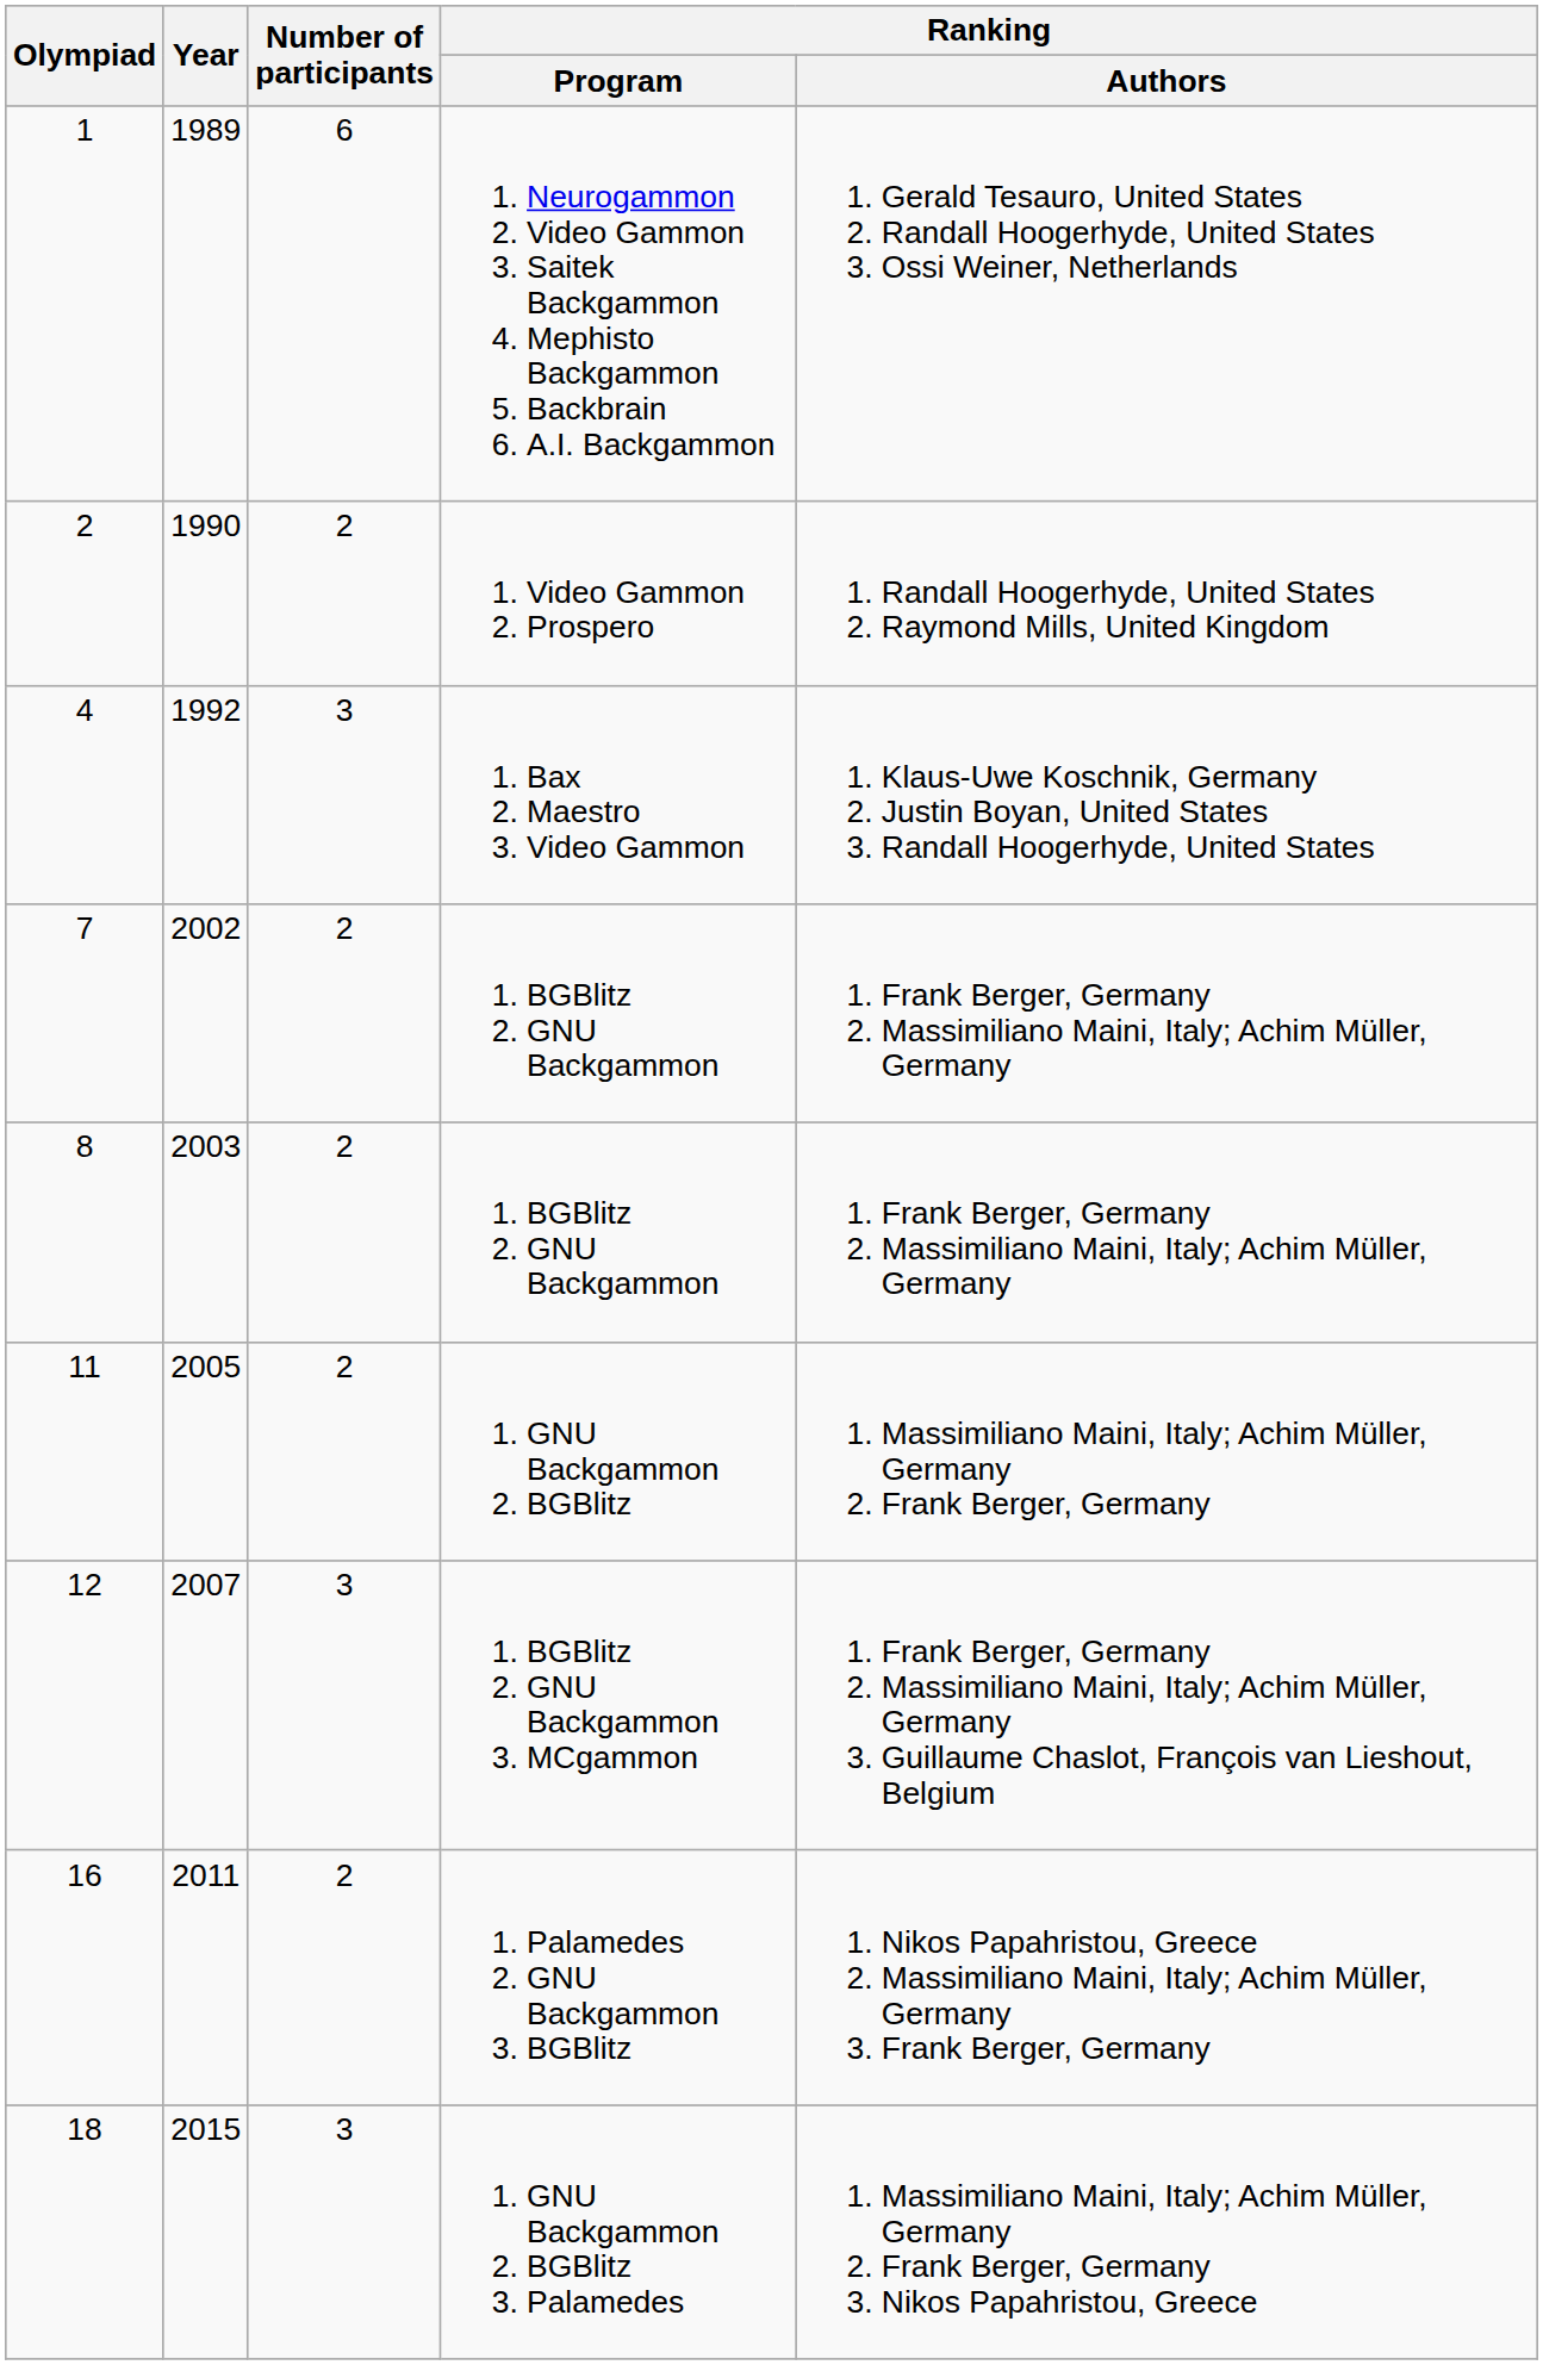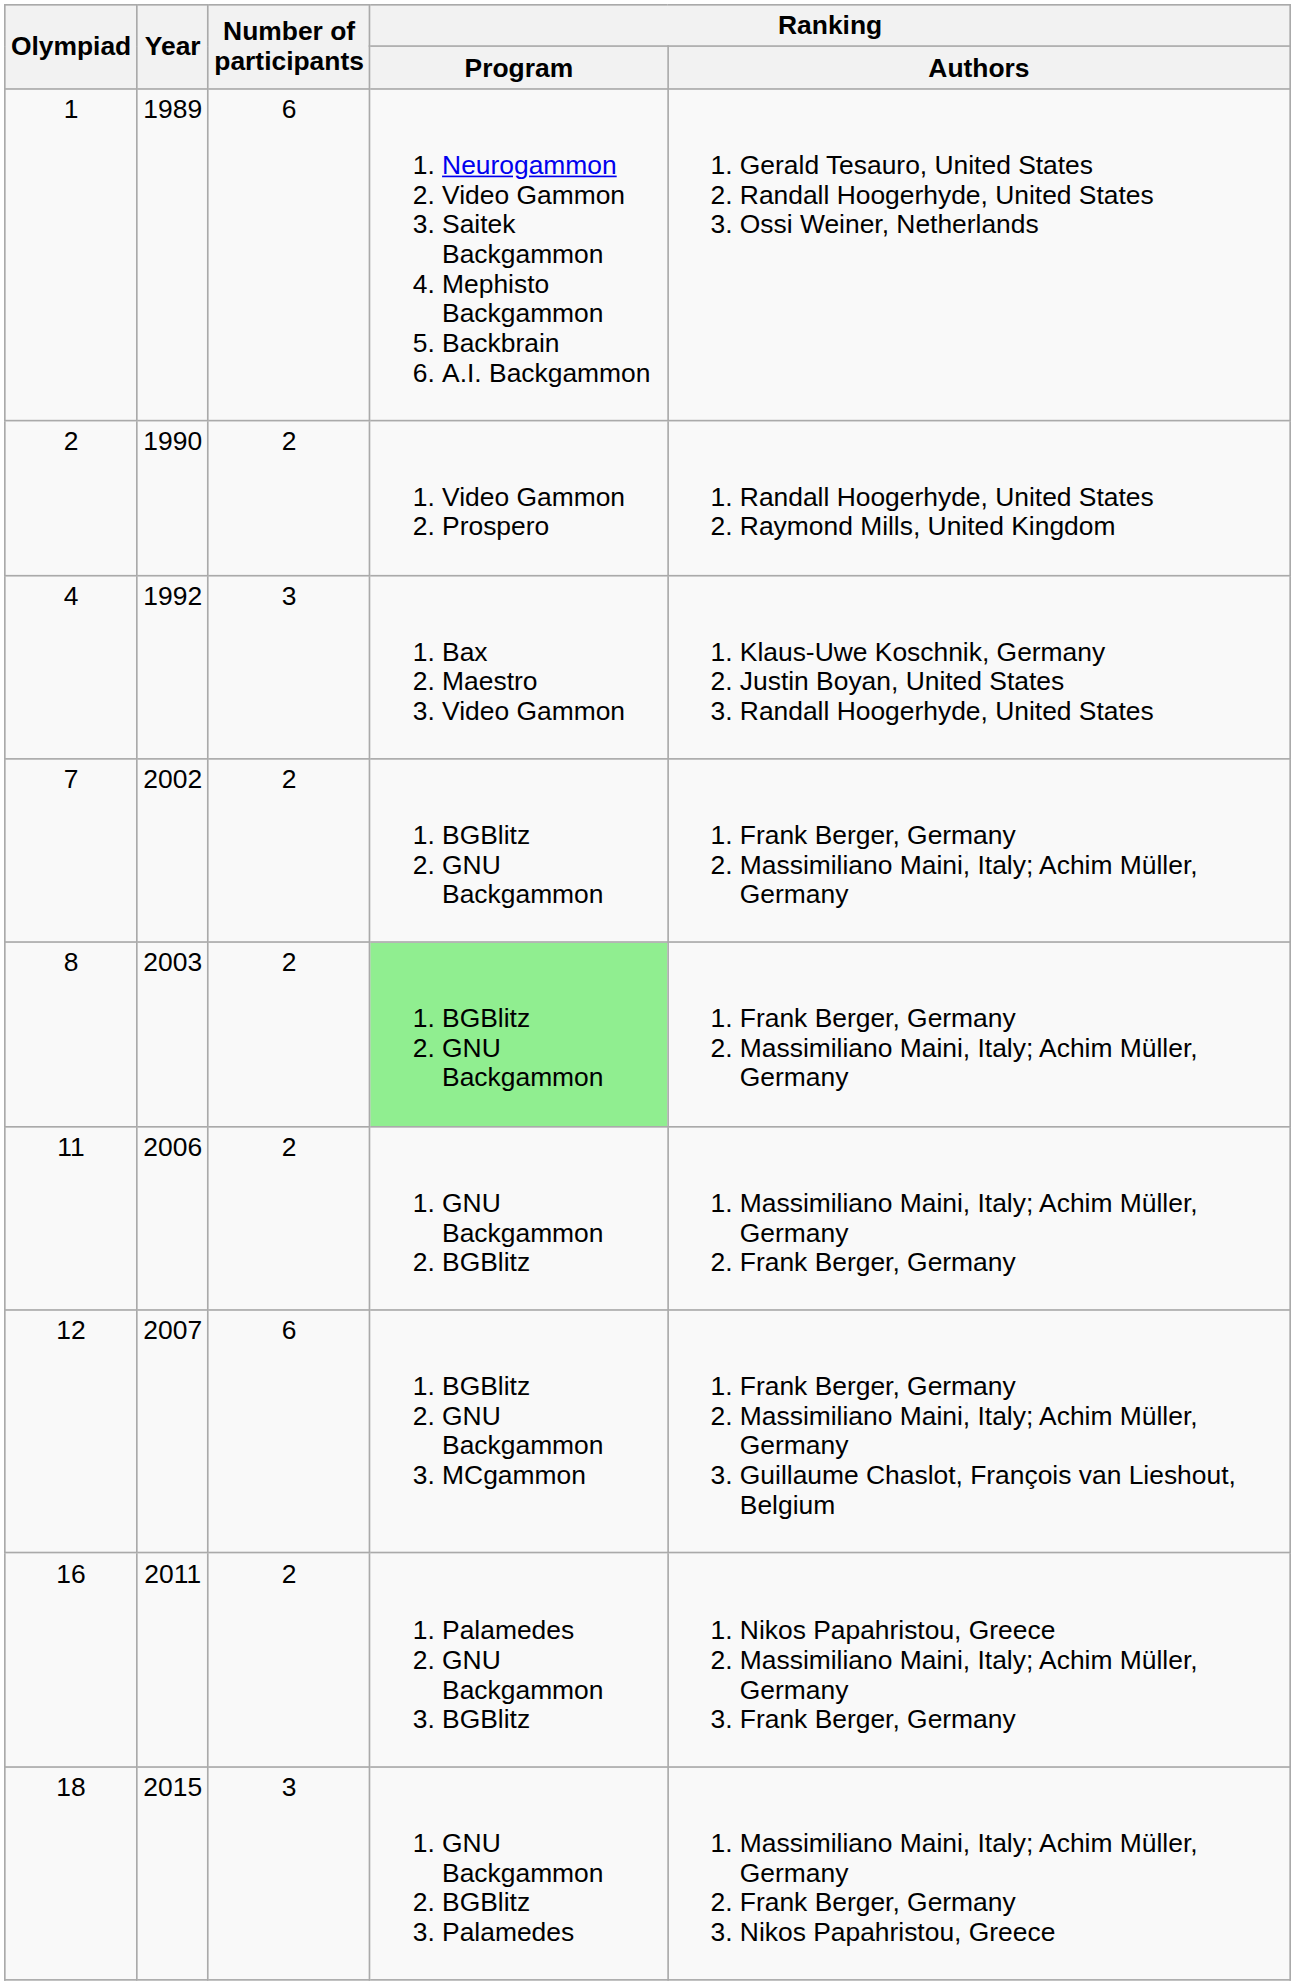 <table class="wikitable" style="width: 780px;">
 <tr>
 <th rowspan=2>Olympiad</th>
 <th rowspan=2>Year</th>
 <th rowspan=2>Number of<br>participants</th>
 <th colspan=2>Ranking</th>
 </tr>
 <tr align="center">
 <th>Program</th>
 <th>Authors</th>
 </tr>
 <tr align="center" valign="top">
 <td style="width: 60px;">1</td>
 <td style="width: 30px;">1989</td>
 <td style="width: 80px;">6</td>
 <td style="width: 180px;" align="left"><br><ol><li><a href='#'>Neurogammon</a></li><li>Video Gammon</li><li>Saitek Backgammon</li><li>Mephisto Backgammon</li><li>Backbrain</li><li>A.I. Backgammon</li></ol></td>
 <td style="width: 430px;" align=left><br><ol><li>Gerald Tesauro, United States</li><li>Randall Hoogerhyde, United States</li><li>Ossi Weiner, Netherlands</li></ol></td>
 </tr>
 <tr align="center" valign="top">
 <td>2</td>
 <td>1990</td>
 <td>2</td>
 <td align="left"><br><ol><li>Video Gammon</li><li>Prospero</li></ol></td>
 <td align=left><br><ol><li>Randall Hoogerhyde, United States</li><li>Raymond Mills, United Kingdom</li></ol></td>
 </tr>
 <tr align="center" valign="top">
 <td>4</td>
 <td>1992</td>
 <td>3</td>
 <td align="left"><br><ol><li>Bax</li><li>Maestro</li><li>Video Gammon</li></ol></td>
 <td align=left><br><ol><li>Klaus-Uwe Koschnik, Germany</li><li>Justin Boyan, United States</li><li>Randall Hoogerhyde, United States</li></ol></td>
 </tr>
 <tr align="center" valign="top">
 <td>7</td>
 <td>2002</td>
 <td>2</td>
 <td align="left"><br><ol><li>BGBlitz</li><li>GNU Backgammon</li></ol></td>
 <td align=left><br><ol><li>Frank Berger, Germany</li><li>Massimiliano Maini, Italy; Achim Müller, Germany</li></ol></td>
 </tr>
 <tr align="center" valign="top">
 <td>8</td>
 <td>2003</td>
 <td>2</td>
-<td align="left"><br><ol><li>BGBlitz</li><li>GNU Backgammon</li></ol></td>
+<td align="left" style="background: lightgreen;"><br><ol><li>BGBlitz</li><li>GNU Backgammon</li></ol></td>
 <td align=left><br><ol><li>Frank Berger, Germany</li><li>Massimiliano Maini, Italy; Achim Müller, Germany</li></ol></td>
 </tr>
 <tr align="center" valign="top">
 <td>11</td>
-<td>2005</td>
+<td>2006</td>
 <td>2</td>
 <td align="left"><br><ol><li>GNU Backgammon</li><li>BGBlitz</li></ol></td>
 <td align=left><br><ol><li>Massimiliano Maini, Italy; Achim Müller, Germany</li><li>Frank Berger, Germany</li></ol></td>
 </tr>
 <tr align="center" valign="top">
 <td>12</td>
 <td>2007</td>
-<td>3</td>
+<td>6</td>
 <td align="left"><br><ol><li>BGBlitz</li><li>GNU Backgammon</li><li>MCgammon</li></ol></td>
 <td align=left><br><ol><li>Frank Berger, Germany</li><li>Massimiliano Maini, Italy; Achim Müller, Germany</li><li>Guillaume Chaslot, François van Lieshout, Belgium</li></ol></td>
 </tr>
 <tr align="center" valign="top">
 <td>16</td>
 <td>2011</td>
 <td>2</td>
 <td align="left"><br><ol><li>Palamedes</li><li>GNU Backgammon</li><li>BGBlitz</li></ol></td>
 <td align=left><br><ol><li>Nikos Papahristou, Greece</li><li>Massimiliano Maini, Italy; Achim Müller, Germany</li><li>Frank Berger, Germany</li></ol></td>
 </tr>
 <tr align="center" valign="top">
 <td>18</td>
 <td>2015</td>
 <td>3</td>
 <td align="left"><br><ol><li>GNU Backgammon</li><li>BGBlitz</li><li>Palamedes</li></ol></td>
 <td align=left><br><ol><li>Massimiliano Maini, Italy; Achim Müller, Germany</li><li>Frank Berger, Germany</li><li>Nikos Papahristou, Greece</li></ol></td>
 </tr>
 </table>
